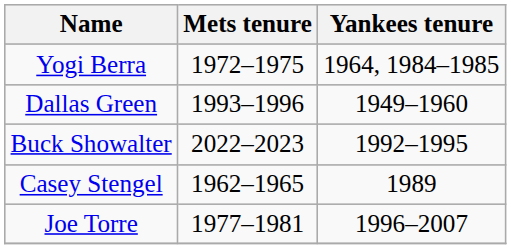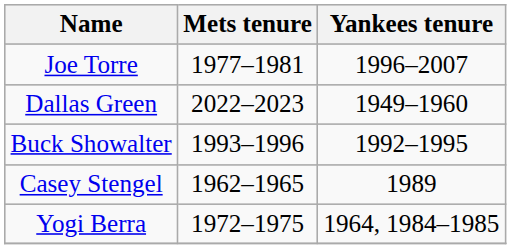 <table class="wikitable" style="text-align:center">
 <tr>
 <th>Name</th>
 <th>Mets tenure</th>
 <th>Yankees tenure</th>
 </tr>
 <tr>
-<td><a href='#'>Yogi Berra</a></td>
-<td>1972–1975</td>
-<td>1964, 1984–1985</td>
+<td><a href='#'>Joe Torre</a></td>
+<td>1977–1981</td>
+<td>1996–2007</td>
 </tr>
 <tr>
 <td><a href='#'>Dallas Green</a></td>
-<td>1993–1996</td>
+<td>2022–2023</td>
 <td>1949–1960</td>
 </tr>
 <tr>
 <td><a href='#'>Buck Showalter</a></td>
-<td>2022–2023</td>
+<td>1993–1996</td>
 <td>1992–1995</td>
 </tr>
 <tr>
 <td><a href='#'>Casey Stengel</a></td>
 <td>1962–1965</td>
 <td>1989</td>
 </tr>
 <tr>
-<td><a href='#'>Joe Torre</a></td>
-<td>1977–1981</td>
-<td>1996–2007</td>
+<td><a href='#'>Yogi Berra</a></td>
+<td>1972–1975</td>
+<td>1964, 1984–1985</td>
 </tr>
 <tr>
 </tr>
 </table>
